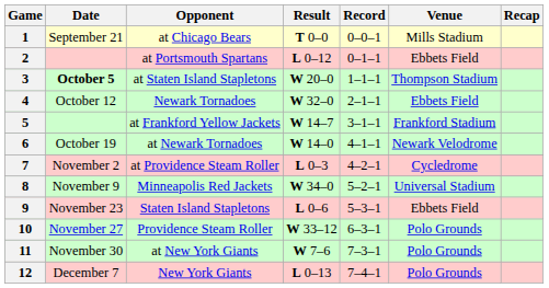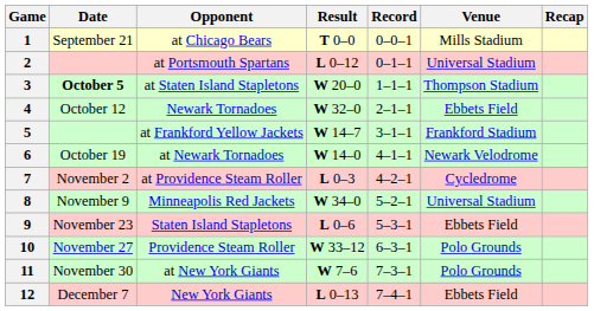 <table class="wikitable" style="text-align:center">
 <tr>
 <th>Game</th>
 <th>Date</th>
 <th>Opponent</th>
 <th>Result</th>
 <th>Record</th>
 <th>Venue</th>
 <th>Recap</th>
 </tr>
 <tr style="background:#ffc">
 <th>1</th>
 <td>September 21</td>
 <td>at <a href='#'>Chicago Bears</a></td>
 <td><strong>T</strong> 0–0</td>
 <td>0–0–1</td>
 <td>Mills Stadium</td>
 <td></td>
 </tr>
 <tr style="background:#fcc">
 <th>2</th>
 <td></td>
 <td>at <a href='#'>Portsmouth Spartans</a></td>
 <td><strong>L</strong> 0–12</td>
 <td>0–1–1</td>
-<td>Ebbets Field</td>
+<td><a href='#'>Universal Stadium</a></td>
 <td></td>
 </tr>
 <tr style="background:#cfc">
 <th>3</th>
 <td><strong>October 5</strong></td>
 <td>at <a href='#'>Staten Island Stapletons</a></td>
 <td><strong>W</strong> 20–0</td>
 <td>1–1–1</td>
 <td><a href='#'>Thompson Stadium</a></td>
 <td></td>
 </tr>
 <tr style="background:#cfc">
 <th>4</th>
 <td>October 12</td>
 <td><a href='#'>Newark Tornadoes</a></td>
 <td><strong>W</strong> 32–0</td>
 <td>2–1–1</td>
 <td><a href='#'>Ebbets Field</a></td>
 <td></td>
 </tr>
 <tr style="background:#cfc">
 <th>5</th>
 <td></td>
 <td>at <a href='#'>Frankford Yellow Jackets</a></td>
 <td><strong>W</strong> 14–7</td>
 <td>3–1–1</td>
 <td><a href='#'>Frankford Stadium</a></td>
 <td></td>
 </tr>
 <tr style="background:#cfc">
 <th>6</th>
 <td>October 19</td>
 <td>at <a href='#'>Newark Tornadoes</a></td>
 <td><strong>W</strong> 14–0</td>
 <td>4–1–1</td>
 <td><a href='#'>Newark Velodrome</a></td>
 <td></td>
 </tr>
 <tr style="background:#fcc">
 <th>7</th>
 <td>November 2</td>
 <td>at <a href='#'>Providence Steam Roller</a></td>
 <td><strong>L</strong> 0–3</td>
 <td>4–2–1</td>
 <td><a href='#'>Cycledrome</a></td>
 <td></td>
 </tr>
 <tr style="background:#cfc">
 <th>8</th>
 <td>November 9</td>
 <td><a href='#'>Minneapolis Red Jackets</a></td>
 <td><strong>W</strong> 34–0</td>
 <td>5–2–1</td>
 <td><a href='#'>Universal Stadium</a></td>
 <td></td>
 </tr>
 <tr style="background:#fcc">
 <th>9</th>
 <td>November 23</td>
 <td><a href='#'>Staten Island Stapletons</a></td>
 <td><strong>L</strong> 0–6</td>
 <td>5–3–1</td>
 <td>Ebbets Field</td>
 <td></td>
 </tr>
 <tr style="background:#cfc">
 <th>10</th>
 <td><a href='#'>November 27</a></td>
 <td><a href='#'>Providence Steam Roller</a></td>
 <td><strong>W</strong> 33–12</td>
 <td>6–3–1</td>
 <td><a href='#'>Polo Grounds</a></td>
 <td></td>
 </tr>
 <tr style="background:#cfc">
 <th>11</th>
 <td>November 30</td>
 <td>at <a href='#'>New York Giants</a></td>
 <td><strong>W</strong> 7–6</td>
 <td>7–3–1</td>
 <td><a href='#'>Polo Grounds</a></td>
 <td></td>
 </tr>
 <tr style="background:#fcc">
 <th>12</th>
 <td>December 7</td>
 <td><a href='#'>New York Giants</a></td>
 <td><strong>L</strong> 0–13</td>
 <td>7–4–1</td>
-<td><a href='#'>Polo Grounds</a></td>
+<td>Ebbets Field</td>
 <td></td>
 </tr>
 </table>
